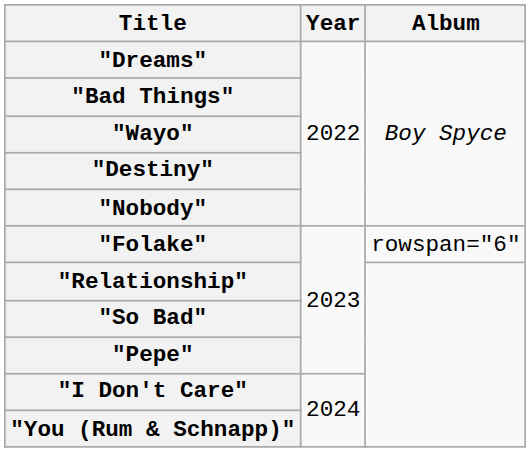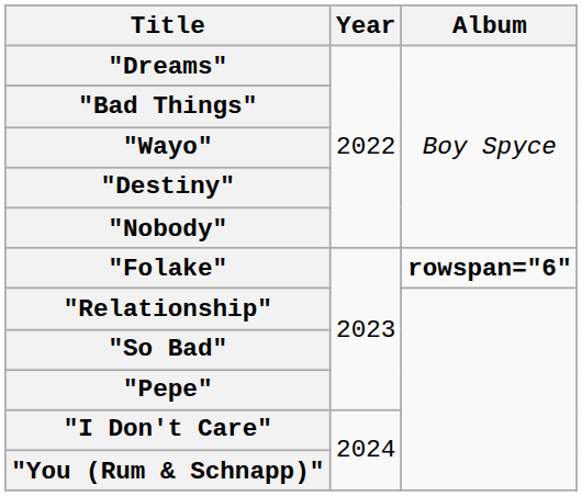 <table class="wikitable plainrowheaders" style="text-align:center;">
 <tr>
 <th scope="col">Title</th>
 <th scope="col">Year</th>
 <th scope="col">Album</th>
 </tr>
 <tr>
 <th scope="row">"Dreams"</th>
 <td rowspan="5">2022</td>
 <td rowspan="5"><em>Boy Spyce</em></td>
 </tr>
 <tr>
 <th scope="row">"Bad Things"</th>
 </tr>
 <tr>
 <th scope="row">"Wayo"</th>
 </tr>
 <tr>
 <th scope="row">"Destiny"</th>
 </tr>
 <tr>
 <th scope="row">"Nobody"</th>
 </tr>
 <tr>
 <th scope="row">"Folake"</th>
 <td rowspan="4">2023</td>
-<td>rowspan="6" </td>
+<td><strong>rowspan="6" </strong></td>
 </tr>
 <tr>
 <th scope="row">"Relationship"</th>
 </tr>
 <tr>
 <th scope="row">"So Bad"</th>
 </tr>
 <tr>
 <th scope="row">"Pepe"</th>
 </tr>
 <tr>
 <th scope="row">"I Don't Care"</th>
 <td rowspan="2">2024</td>
 </tr>
 <tr>
 <th scope="row">"You (Rum & Schnapp)"</th>
 </tr>
 </table>
